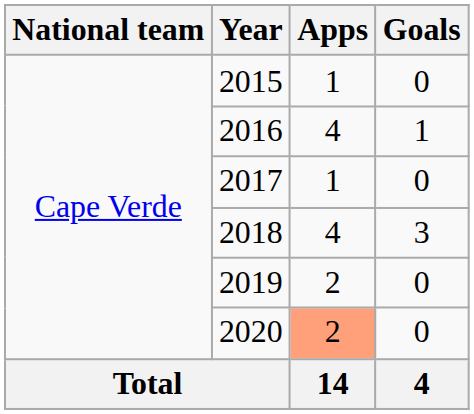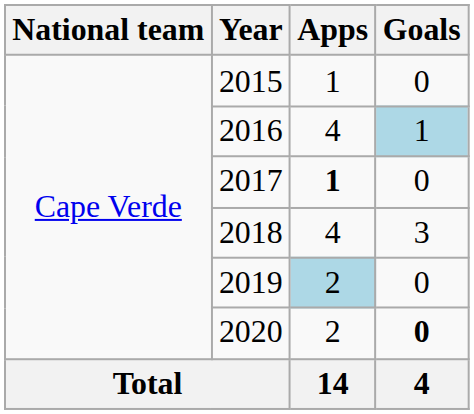 <table class=wikitable style="text-align: center">
 <tr>
 <th>National team</th>
 <th>Year</th>
 <th>Apps</th>
 <th>Goals</th>
 </tr>
 <tr>
 <td rowspan=6><a href='#'>Cape Verde</a></td>
 <td>2015</td>
 <td>1</td>
 <td>0</td>
 </tr>
 <tr>
 <td>2016</td>
 <td>4</td>
-<td>1</td>
+<td style="background: lightblue;">1</td>
 </tr>
 <tr>
 <td>2017</td>
-<td>1</td>
+<td><strong>1</strong></td>
 <td>0</td>
 </tr>
 <tr>
 <td>2018</td>
 <td>4</td>
 <td>3</td>
 </tr>
 <tr>
 <td>2019</td>
-<td>2</td>
+<td style="background: lightblue;">2</td>
 <td>0</td>
 </tr>
 <tr>
 <td>2020</td>
-<td style="background: lightsalmon;">2</td>
-<td>0</td>
+<td>2</td>
+<td><strong>0</strong></td>
 </tr>
 <tr>
 <th colspan=2>Total</th>
 <th>14</th>
 <th>4</th>
 </tr>
 </table>
